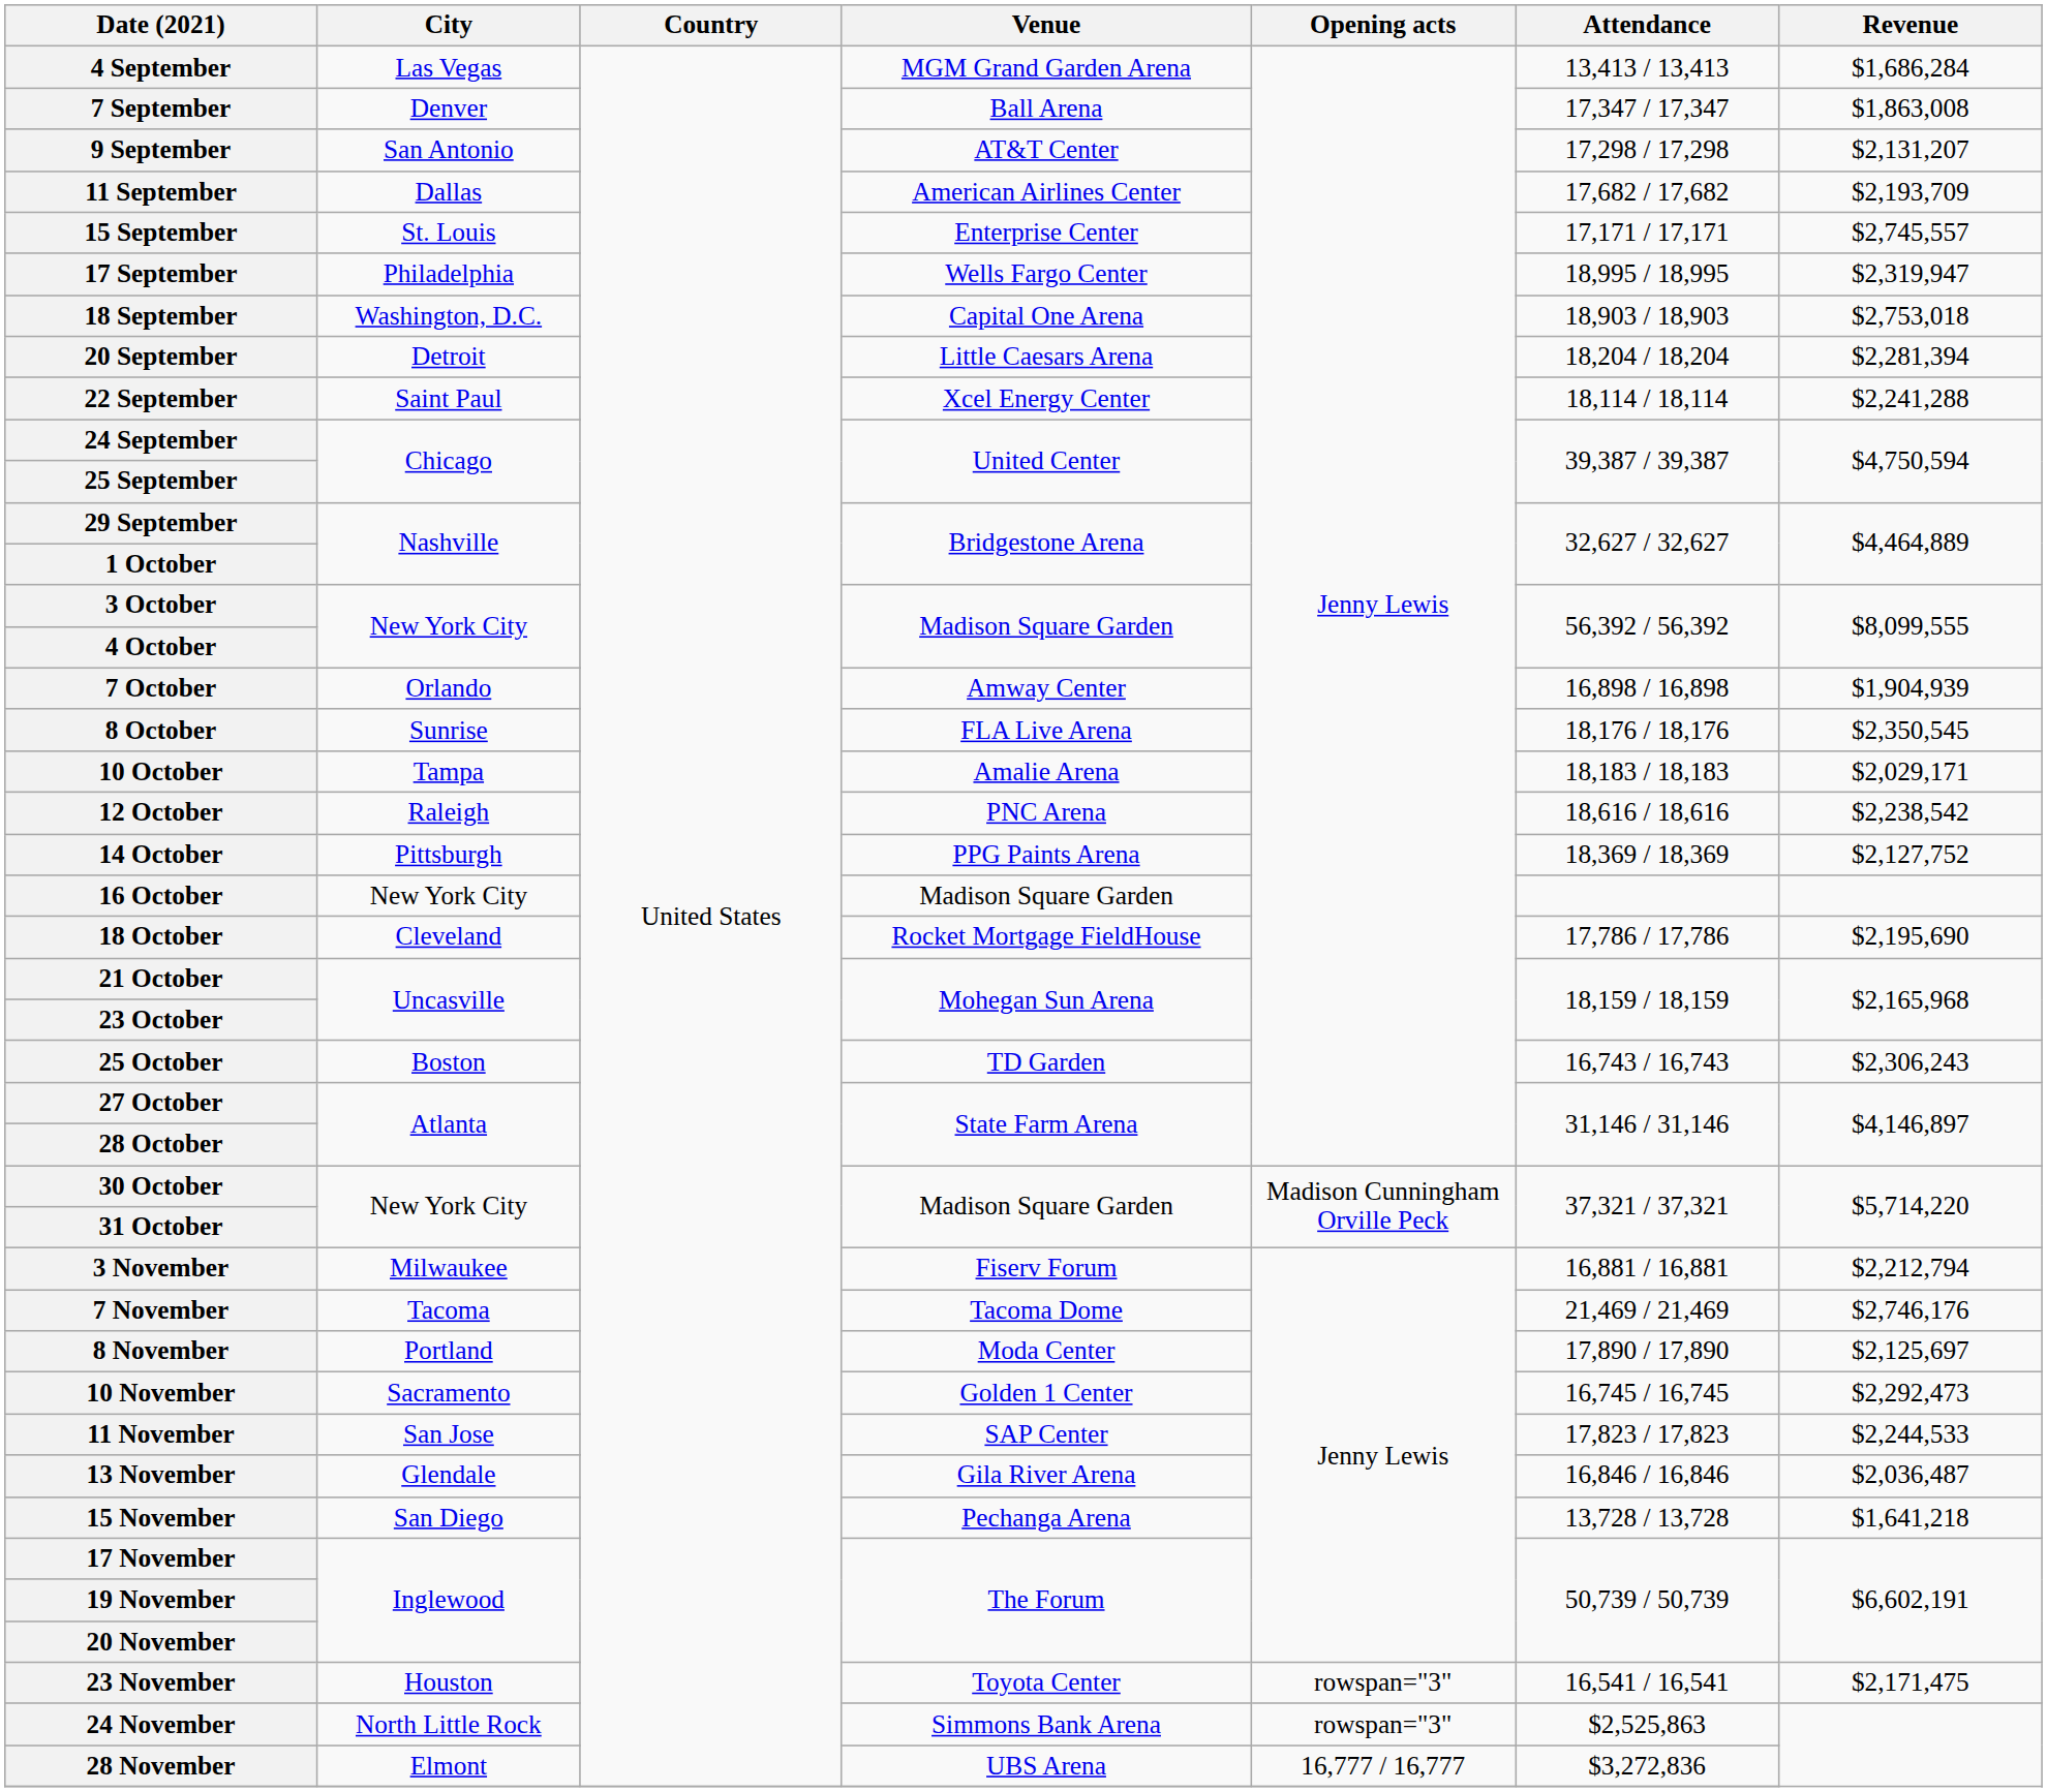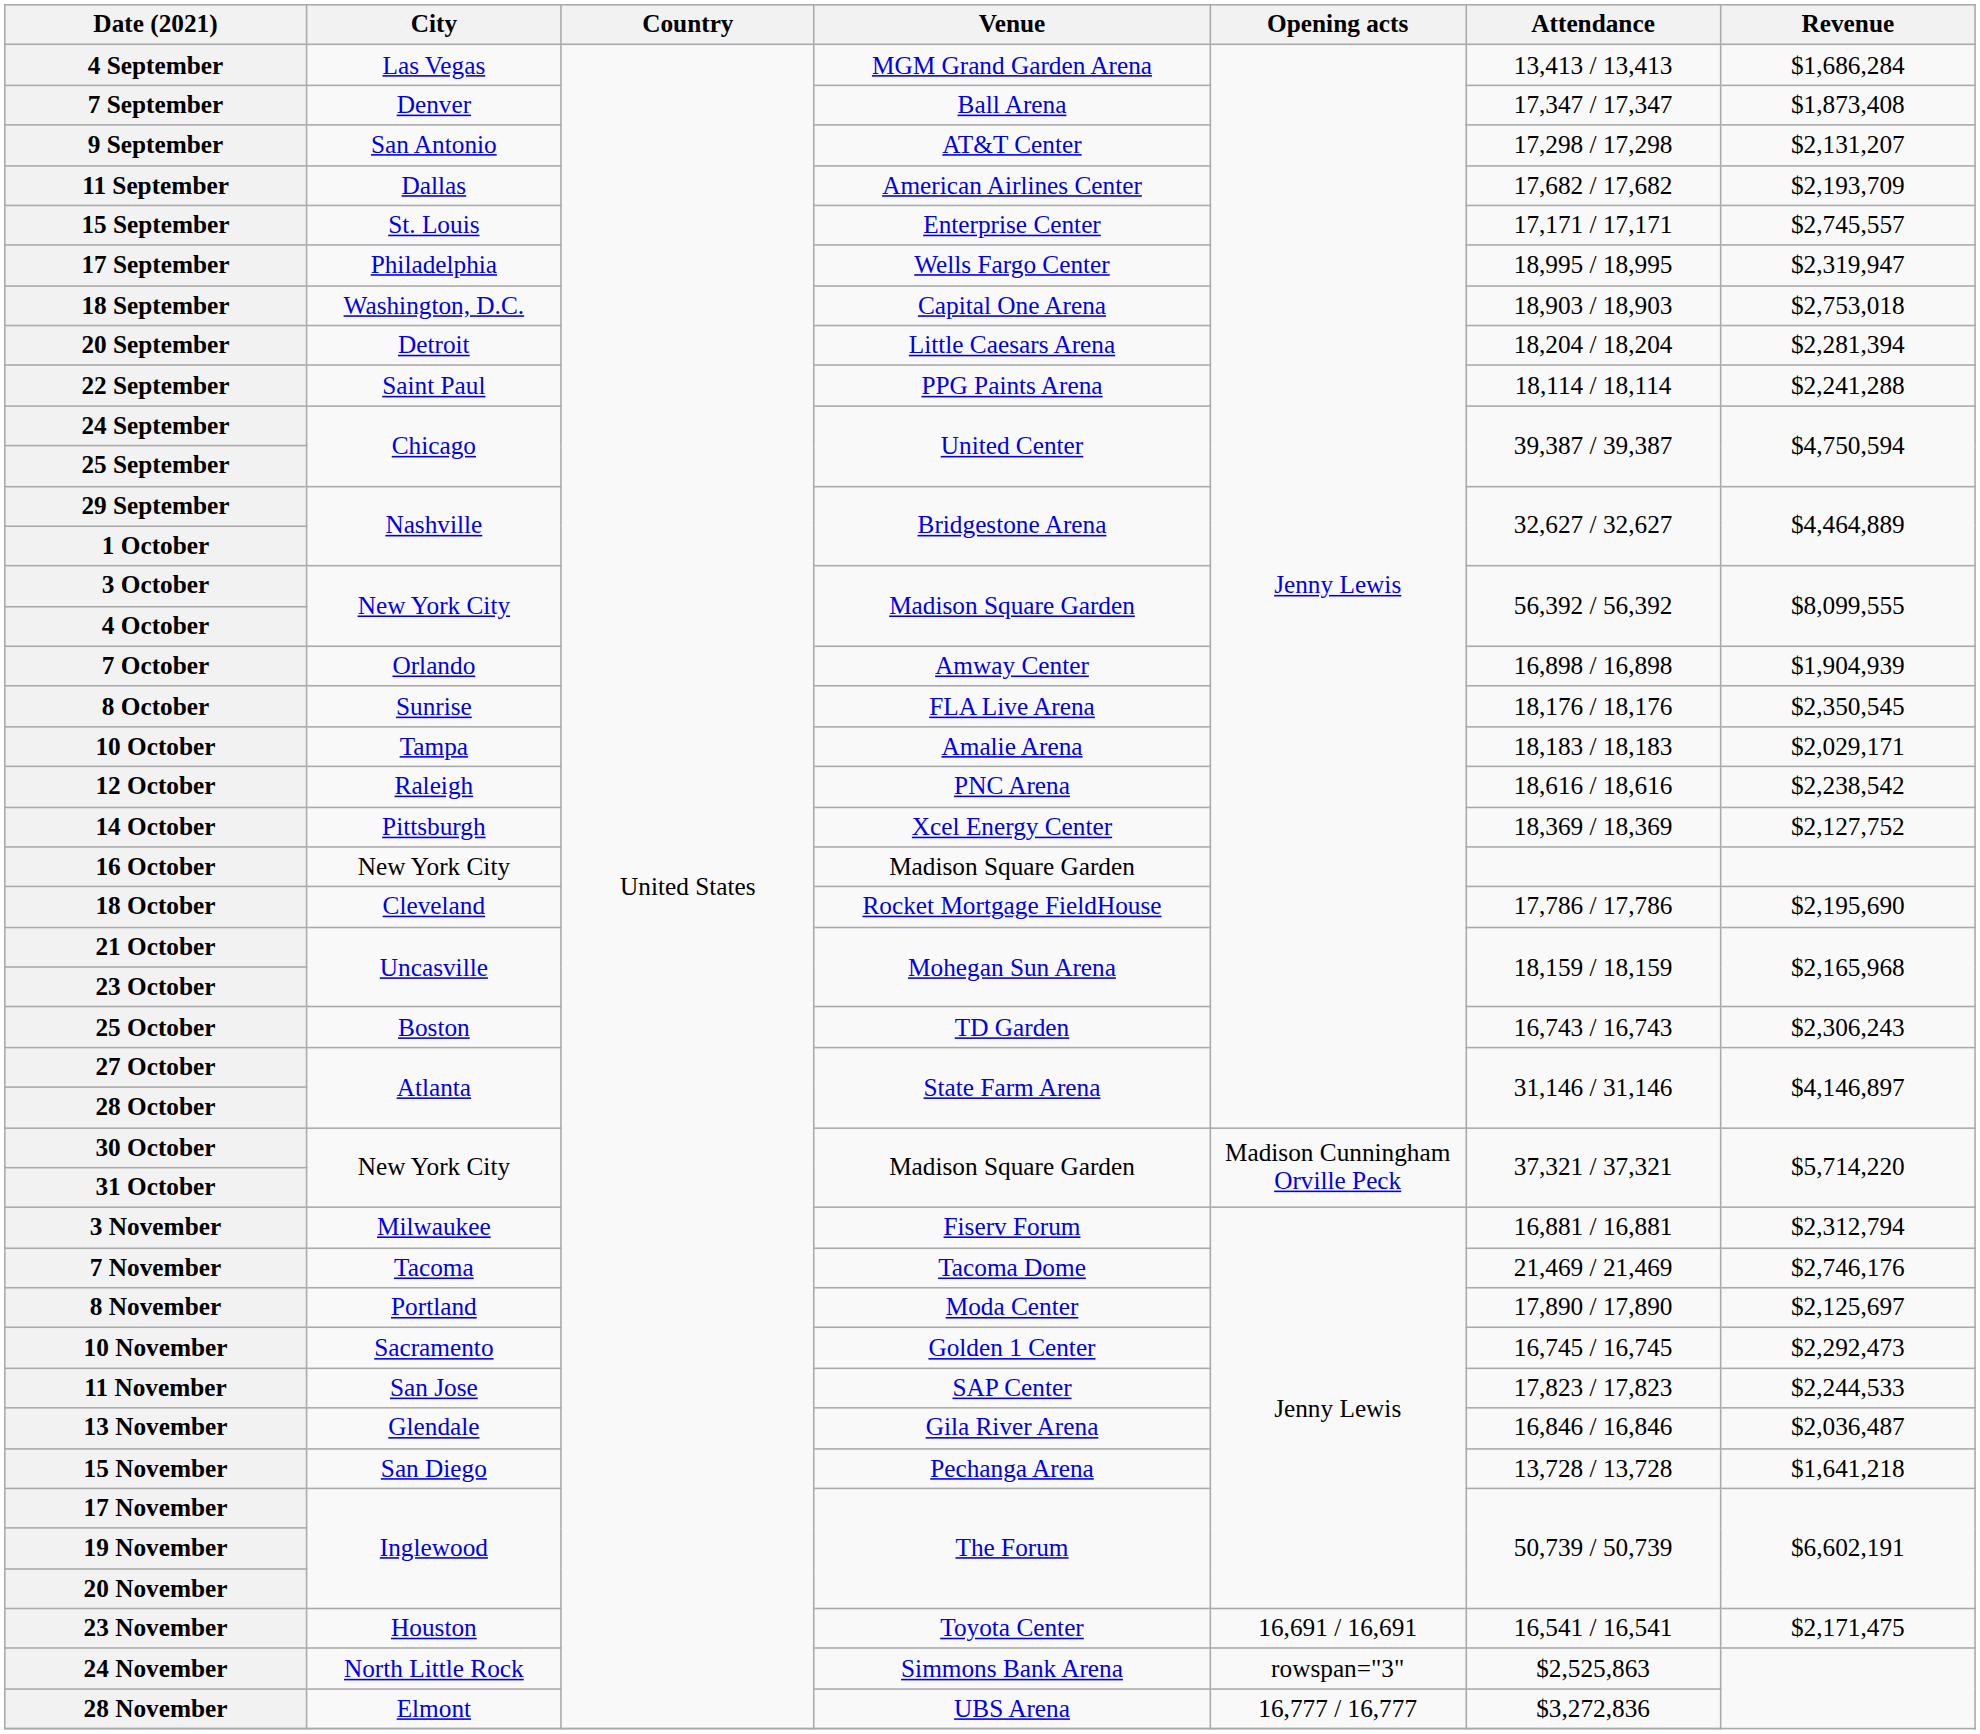 <table class="wikitable plainrowheaders" style="text-align:center;">
 <tr>
 <th scope="col" style="width:12em;">Date (2021)</th>
 <th scope="col" style="width:10em;">City</th>
 <th scope="col" style="width:10em;">Country</th>
 <th scope="col" style="width:16em;">Venue</th>
 <th scope="col" style="width:10em;">Opening acts</th>
 <th scope="col" style="width:10em;">Attendance</th>
 <th scope="col" style="width:10em;">Revenue</th>
 </tr>
 <tr>
 <th scope="row" style="text-align:center;">4 September</th>
 <td><a href='#'>Las Vegas</a></td>
 <td rowspan="42">United States</td>
 <td><a href='#'>MGM Grand Garden Arena</a></td>
 <td rowspan="27"><a href='#'>Jenny Lewis</a></td>
 <td>13,413 / 13,413</td>
 <td>$1,686,284</td>
 </tr>
 <tr>
 <th scope="row" style="text-align:center;">7 September</th>
 <td><a href='#'>Denver</a></td>
 <td><a href='#'>Ball Arena</a></td>
 <td>17,347 / 17,347</td>
-<td>$1,863,008</td>
+<td>$1,873,408</td>
 </tr>
 <tr>
 <th scope="row" style="text-align:center;">9 September</th>
 <td><a href='#'>San Antonio</a></td>
 <td><a href='#'>AT&T Center</a></td>
 <td>17,298 / 17,298</td>
 <td>$2,131,207</td>
 </tr>
 <tr>
 <th scope="row" style="text-align:center;">11 September</th>
 <td><a href='#'>Dallas</a></td>
 <td><a href='#'>American Airlines Center</a></td>
 <td>17,682 / 17,682</td>
 <td>$2,193,709</td>
 </tr>
 <tr>
 <th scope="row" style="text-align:center;">15 September</th>
 <td><a href='#'>St. Louis</a></td>
 <td><a href='#'>Enterprise Center</a></td>
 <td>17,171 / 17,171</td>
 <td>$2,745,557</td>
 </tr>
 <tr>
 <th scope="row" style="text-align:center;">17 September</th>
 <td><a href='#'>Philadelphia</a></td>
 <td><a href='#'>Wells Fargo Center</a></td>
 <td>18,995 / 18,995</td>
 <td>$2,319,947</td>
 </tr>
 <tr>
 <th scope="row" style="text-align:center;">18 September</th>
 <td><a href='#'>Washington, D.C.</a></td>
 <td><a href='#'>Capital One Arena</a></td>
 <td>18,903 / 18,903</td>
 <td>$2,753,018</td>
 </tr>
 <tr>
 <th scope="row" style="text-align:center;">20 September</th>
 <td><a href='#'>Detroit</a></td>
 <td><a href='#'>Little Caesars Arena</a></td>
 <td>18,204 / 18,204</td>
 <td>$2,281,394</td>
 </tr>
 <tr>
 <th scope="row" style="text-align:center;">22 September</th>
 <td><a href='#'>Saint Paul</a></td>
-<td><a href='#'>Xcel Energy Center</a></td>
+<td><a href='#'>PPG Paints Arena</a></td>
 <td>18,114 / 18,114</td>
 <td>$2,241,288</td>
 </tr>
 <tr>
 <th scope="row" style="text-align:center;">24 September</th>
 <td rowspan="2"><a href='#'>Chicago</a></td>
 <td rowspan="2"><a href='#'>United Center</a></td>
 <td rowspan="2">39,387 / 39,387</td>
 <td rowspan="2">$4,750,594</td>
 </tr>
 <tr>
 <th scope="row" style="text-align:center;">25 September</th>
 </tr>
 <tr>
 <th scope="row" style="text-align:center;">29 September</th>
 <td rowspan="2"><a href='#'>Nashville</a></td>
 <td rowspan="2"><a href='#'>Bridgestone Arena</a></td>
 <td rowspan="2">32,627 / 32,627</td>
 <td rowspan="2">$4,464,889</td>
 </tr>
 <tr>
 <th scope="row" style="text-align:center;">1 October</th>
 </tr>
 <tr>
 <th scope="row" style="text-align:center;">3 October</th>
 <td rowspan="2"><a href='#'>New York City</a></td>
 <td rowspan="2"><a href='#'>Madison Square Garden</a></td>
 <td rowspan="2">56,392 / 56,392</td>
 <td rowspan="2">$8,099,555</td>
 </tr>
 <tr>
 <th scope="row" style="text-align:center;">4 October</th>
 </tr>
 <tr>
 <th scope="row" style="text-align:center;">7 October</th>
 <td><a href='#'>Orlando</a></td>
 <td><a href='#'>Amway Center</a></td>
 <td>16,898 / 16,898</td>
 <td>$1,904,939</td>
 </tr>
 <tr>
 <th scope="row" style="text-align:center;">8 October</th>
 <td><a href='#'>Sunrise</a></td>
 <td><a href='#'>FLA Live Arena</a></td>
 <td>18,176 / 18,176</td>
 <td>$2,350,545</td>
 </tr>
 <tr>
 <th scope="row" style="text-align:center;">10 October</th>
 <td><a href='#'>Tampa</a></td>
 <td><a href='#'>Amalie Arena</a></td>
 <td>18,183 / 18,183</td>
 <td>$2,029,171</td>
 </tr>
 <tr>
 <th scope="row" style="text-align:center;">12 October</th>
 <td><a href='#'>Raleigh</a></td>
 <td><a href='#'>PNC Arena</a></td>
 <td>18,616 / 18,616</td>
 <td>$2,238,542</td>
 </tr>
 <tr>
 <th scope="row" style="text-align:center;">14 October</th>
 <td><a href='#'>Pittsburgh</a></td>
-<td><a href='#'>PPG Paints Arena</a></td>
+<td><a href='#'>Xcel Energy Center</a></td>
 <td>18,369 / 18,369</td>
 <td>$2,127,752</td>
 </tr>
 <tr>
 <th scope="row" style="text-align:center;">16 October</th>
 <td>New York City</td>
 <td>Madison Square Garden</td>
 <td></td>
 <td></td>
 </tr>
 <tr>
 <th scope="row" style="text-align:center;">18 October</th>
 <td><a href='#'>Cleveland</a></td>
 <td><a href='#'>Rocket Mortgage FieldHouse</a></td>
 <td>17,786 / 17,786</td>
 <td>$2,195,690</td>
 </tr>
 <tr>
 <th scope="row" style="text-align:center;">21 October</th>
 <td rowspan="2"><a href='#'>Uncasville</a></td>
 <td rowspan="2"><a href='#'>Mohegan Sun Arena</a></td>
 <td rowspan="2">18,159 / 18,159</td>
 <td rowspan="2">$2,165,968</td>
 </tr>
 <tr>
 <th scope="row" style="text-align:center;">23 October</th>
 </tr>
 <tr>
 <th scope="row" style="text-align:center;">25 October</th>
 <td><a href='#'>Boston</a></td>
 <td><a href='#'>TD Garden</a></td>
 <td>16,743 / 16,743</td>
 <td>$2,306,243</td>
 </tr>
 <tr>
 <th scope="row" style="text-align:center;">27 October</th>
 <td rowspan="2"><a href='#'>Atlanta</a></td>
 <td rowspan="2"><a href='#'>State Farm Arena</a></td>
 <td rowspan="2">31,146 / 31,146</td>
 <td rowspan="2">$4,146,897</td>
 </tr>
 <tr>
 <th scope="row" style="text-align:center;">28 October</th>
 </tr>
 <tr>
 <th scope="row" style="text-align:center;">30 October</th>
 <td rowspan="2">New York City</td>
 <td rowspan="2">Madison Square Garden</td>
 <td rowspan="2">Madison Cunningham<br><a href='#'>Orville Peck</a></td>
 <td rowspan="2">37,321 / 37,321</td>
 <td rowspan="2">$5,714,220</td>
 </tr>
 <tr>
 <th scope="row" style="text-align:center;">31 October</th>
 </tr>
 <tr>
 <th scope="row" style="text-align:center;">3 November</th>
 <td><a href='#'>Milwaukee</a></td>
 <td><a href='#'>Fiserv Forum</a></td>
 <td rowspan="10">Jenny Lewis</td>
 <td>16,881 / 16,881</td>
-<td>$2,212,794</td>
+<td>$2,312,794</td>
 </tr>
 <tr>
 <th scope="row" style="text-align:center;">7 November</th>
 <td><a href='#'>Tacoma</a></td>
 <td><a href='#'>Tacoma Dome</a></td>
 <td>21,469 / 21,469</td>
 <td>$2,746,176</td>
 </tr>
 <tr>
 <th scope="row" style="text-align:center;">8 November</th>
 <td><a href='#'>Portland</a></td>
 <td><a href='#'>Moda Center</a></td>
 <td>17,890 / 17,890</td>
 <td>$2,125,697</td>
 </tr>
 <tr>
 <th scope="row" style="text-align:center;">10 November</th>
 <td><a href='#'>Sacramento</a></td>
 <td><a href='#'>Golden 1 Center</a></td>
 <td>16,745 / 16,745</td>
 <td>$2,292,473</td>
 </tr>
 <tr>
 <th scope="row" style="text-align:center;">11 November</th>
 <td><a href='#'>San Jose</a></td>
 <td><a href='#'>SAP Center</a></td>
 <td>17,823 / 17,823</td>
 <td>$2,244,533</td>
 </tr>
 <tr>
 <th scope="row" style="text-align:center;">13 November</th>
 <td><a href='#'>Glendale</a></td>
 <td><a href='#'>Gila River Arena</a></td>
 <td>16,846 / 16,846</td>
 <td>$2,036,487</td>
 </tr>
 <tr>
 <th scope="row" style="text-align:center;">15 November</th>
 <td><a href='#'>San Diego</a></td>
 <td><a href='#'>Pechanga Arena</a></td>
 <td>13,728 / 13,728</td>
 <td>$1,641,218</td>
 </tr>
 <tr>
 <th scope="row" style="text-align:center;">17 November</th>
 <td rowspan="3"><a href='#'>Inglewood</a></td>
 <td rowspan="3"><a href='#'>The Forum</a></td>
 <td rowspan="3">50,739 / 50,739</td>
 <td rowspan="3">$6,602,191</td>
 </tr>
 <tr>
 <th scope="row" style="text-align:center;">19 November</th>
 </tr>
 <tr>
 <th scope="row" style="text-align:center;">20 November</th>
 </tr>
 <tr>
 <th scope="row" style="text-align:center;">23 November </th>
 <td><a href='#'>Houston</a></td>
 <td><a href='#'>Toyota Center</a></td>
-<td>rowspan="3" </td>
+<td>16,691 / 16,691</td>
 <td>16,541 / 16,541</td>
 <td>$2,171,475</td>
 </tr>
 <tr>
 <th scope="row" style="text-align:center;">24 November</th>
 <td><a href='#'>North Little Rock</a></td>
 <td><a href='#'>Simmons Bank Arena</a></td>
 <td>rowspan="3" </td>
 <td>$2,525,863</td>
 </tr>
 <tr>
 <th scope="row" style="text-align:center;">28 November</th>
 <td><a href='#'>Elmont</a></td>
 <td><a href='#'>UBS Arena</a></td>
 <td>16,777 / 16,777</td>
 <td>$3,272,836</td>
 </tr>
 <tr>
 </tr>
 </table>
